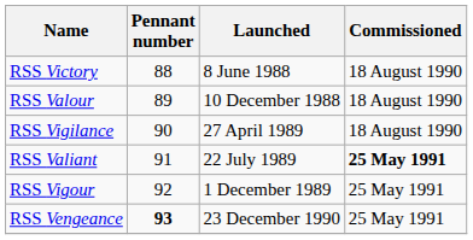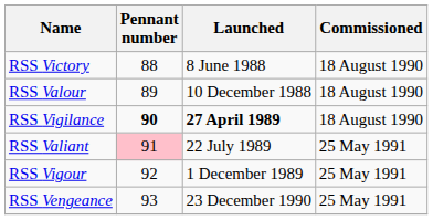 <table class="wikitable" style="font-size:95%">
 <tr>
 <th>Name</th>
 <th>Pennant<br>number</th>
 <th>Launched</th>
 <th>Commissioned</th>
 </tr>
 <tr>
 <td><a href='#'>RSS <em>Victory</em></a></td>
 <td align="center">88</td>
 <td>8 June 1988</td>
 <td>18 August 1990</td>
 </tr>
 <tr>
 <td><a href='#'>RSS <em>Valour</em></a></td>
 <td align="center">89</td>
 <td>10 December 1988</td>
 <td>18 August 1990</td>
 </tr>
 <tr>
 <td><a href='#'>RSS <em>Vigilance</em></a></td>
-<td align="center">90</td>
-<td>27 April 1989</td>
+<td align="center"><strong>90</strong></td>
+<td><strong>27 April 1989</strong></td>
 <td>18 August 1990</td>
 </tr>
 <tr>
 <td><a href='#'>RSS <em>Valiant</em></a></td>
-<td align="center">91</td>
+<td align="center" style="background: pink;">91</td>
 <td>22 July 1989</td>
-<td><strong>25 May 1991</strong></td>
+<td>25 May 1991</td>
 </tr>
 <tr>
 <td><a href='#'>RSS <em>Vigour</em></a></td>
 <td align="center">92</td>
 <td>1 December 1989</td>
 <td>25 May 1991</td>
 </tr>
 <tr>
 <td><a href='#'>RSS <em>Vengeance</em></a></td>
-<td align="center"><strong>93</strong></td>
+<td align="center">93</td>
 <td>23 December 1990</td>
 <td>25 May 1991</td>
 </tr>
 <tr>
 </tr>
 </table>
